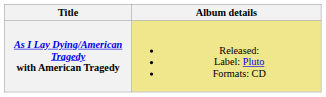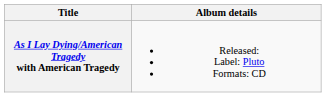 <table class="wikitable plainrowheaders" style="text-align:center;">
 <tr>
 <th scope="col" style="width:12em;">Title</th>
 <th scope="col" style="width:18em;">Album details</th>
 </tr>
 <tr>
 <th scope="row"><em><a href='#'>As I Lay Dying/American Tragedy</a></em><br>with American Tragedy</th>
-<td style="background: khaki;"><br><ul><li>Released: </li><li>Label: <a href='#'>Pluto</a></li><li>Formats: CD</li></ul></td>
+<td><br><ul><li>Released: </li><li>Label: <a href='#'>Pluto</a></li><li>Formats: CD</li></ul></td>
 </tr>
 </table>
